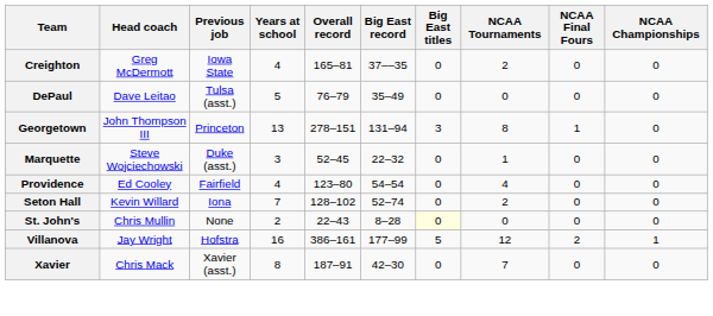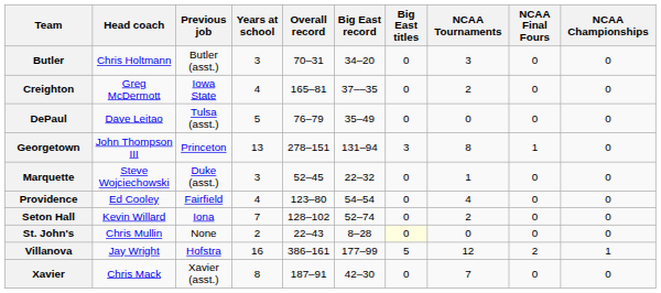 <table class="wikitable sortable" style="text-align: center;font-size:90%;">
 <tr>
 <th width="110">Team</th>
 <th>Head coach</th>
 <th>Previous job</th>
 <th>Years at school</th>
 <th>Overall record</th>
 <th>Big East record</th>
 <th>Big East titles</th>
 <th>NCAA Tournaments</th>
 <th>NCAA Final Fours</th>
 <th>NCAA Championships</th>
+</tr>
+<tr>
+<th>Butler</th>
+<td><a href='#'>Chris Holtmann</a></td>
+<td>Butler (asst.)</td>
+<td>3</td>
+<td>70–31</td>
+<td>34–20</td>
+<td>0</td>
+<td>3</td>
+<td>0</td>
+<td>0</td>
 </tr>
 <tr>
 <th>Creighton</th>
 <td><a href='#'>Greg McDermott</a></td>
 <td><a href='#'>Iowa State</a></td>
 <td>4</td>
 <td>165–81</td>
 <td>37––35</td>
 <td>0</td>
 <td>2</td>
 <td>0</td>
 <td>0</td>
 </tr>
 <tr>
 <th>DePaul</th>
 <td><a href='#'>Dave Leitao</a></td>
 <td><a href='#'>Tulsa</a> (asst.)</td>
 <td>5</td>
 <td>76–79</td>
 <td>35–49</td>
 <td>0</td>
 <td>0</td>
 <td>0</td>
 <td>0</td>
 </tr>
 <tr>
 <th>Georgetown</th>
 <td><a href='#'>John Thompson III</a></td>
 <td><a href='#'>Princeton</a></td>
 <td>13</td>
 <td>278–151</td>
 <td>131–94</td>
 <td>3</td>
 <td>8</td>
 <td>1</td>
 <td>0</td>
 </tr>
 <tr>
 <th style=>Marquette</th>
 <td><a href='#'>Steve Wojciechowski</a></td>
 <td><a href='#'>Duke</a> (asst.)</td>
 <td>3</td>
 <td>52–45</td>
 <td>22–32</td>
 <td>0</td>
 <td>1</td>
 <td>0</td>
 <td>0</td>
 </tr>
 <tr>
 <th style=>Providence</th>
 <td><a href='#'>Ed Cooley</a></td>
 <td><a href='#'>Fairfield</a></td>
 <td>4</td>
 <td>123–80</td>
 <td>54–54</td>
 <td>0</td>
 <td>4</td>
 <td>0</td>
 <td>0</td>
 </tr>
 <tr>
 <th>Seton Hall</th>
 <td><a href='#'>Kevin Willard</a></td>
 <td><a href='#'>Iona</a></td>
 <td>7</td>
 <td>128–102</td>
 <td>52–74</td>
 <td>0</td>
 <td>2</td>
 <td>0</td>
 <td>0</td>
 </tr>
 <tr>
 <th>St. John's</th>
 <td><a href='#'>Chris Mullin</a></td>
 <td>None</td>
 <td>2</td>
 <td>22–43</td>
 <td>8–28</td>
 <td style="background: lightyellow;">0</td>
 <td>0</td>
 <td>0</td>
 <td>0</td>
 </tr>
 <tr>
 <th>Villanova</th>
 <td><a href='#'>Jay Wright</a></td>
 <td><a href='#'>Hofstra</a></td>
 <td>16</td>
 <td>386–161</td>
 <td>177–99</td>
 <td>5</td>
 <td>12</td>
 <td>2</td>
 <td>1</td>
 </tr>
 <tr>
 <th>Xavier</th>
 <td><a href='#'>Chris Mack</a></td>
 <td>Xavier (asst.)</td>
 <td>8</td>
 <td>187–91</td>
 <td>42–30</td>
 <td>0</td>
 <td>7</td>
 <td>0</td>
 <td>0</td>
 </tr>
 </table>
